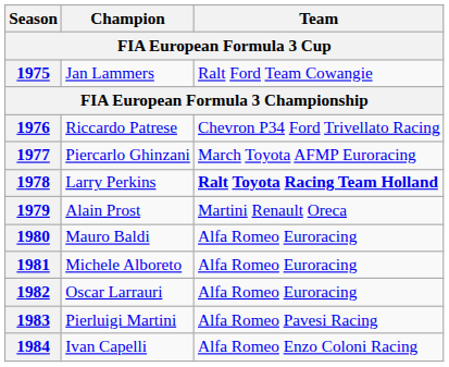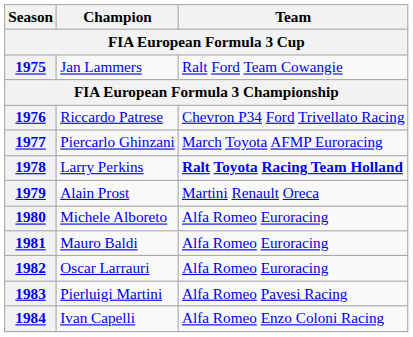 <table class="wikitable" style="font-size:85%;">
 <tr>
 <th>Season</th>
 <th>Champion</th>
 <th>Team</th>
 </tr>
 <tr>
 <th colspan=3>FIA European Formula 3 Cup</th>
 </tr>
 <tr>
 <th><a href='#'>1975</a></th>
 <td> <a href='#'>Jan Lammers</a></td>
 <td> <a href='#'>Ralt</a> <a href='#'>Ford</a> <a href='#'>Team Cowangie</a></td>
 </tr>
 <tr>
 <th colspan=3>FIA European Formula 3 Championship</th>
 </tr>
 <tr>
 <th><a href='#'>1976</a></th>
 <td> <a href='#'>Riccardo Patrese</a></td>
 <td> <a href='#'>Chevron P34</a> <a href='#'>Ford</a> <a href='#'>Trivellato Racing</a></td>
 </tr>
 <tr>
 <th><a href='#'>1977</a></th>
 <td> <a href='#'>Piercarlo Ghinzani</a></td>
 <td> <a href='#'>March</a> <a href='#'>Toyota</a> <a href='#'>AFMP Euroracing</a></td>
 </tr>
 <tr>
 <th><a href='#'>1978</a></th>
 <td> <a href='#'>Larry Perkins</a></td>
 <td><strong> <a href='#'>Ralt</a> <a href='#'>Toyota</a> <a href='#'>Racing Team Holland</a></strong></td>
 </tr>
 <tr>
 <th><a href='#'>1979</a></th>
 <td> <a href='#'>Alain Prost</a></td>
 <td> <a href='#'>Martini</a> <a href='#'>Renault</a> <a href='#'>Oreca</a></td>
 </tr>
 <tr>
 <th><a href='#'>1980</a></th>
-<td> <a href='#'>Mauro Baldi</a></td>
+<td> <a href='#'>Michele Alboreto</a></td>
 <td> <a href='#'>Alfa Romeo</a> <a href='#'>Euroracing</a></td>
 </tr>
 <tr>
 <th><a href='#'>1981</a></th>
-<td> <a href='#'>Michele Alboreto</a></td>
+<td> <a href='#'>Mauro Baldi</a></td>
 <td> <a href='#'>Alfa Romeo</a> <a href='#'>Euroracing</a></td>
 </tr>
 <tr>
 <th><a href='#'>1982</a></th>
 <td> <a href='#'>Oscar Larrauri</a></td>
 <td> <a href='#'>Alfa Romeo</a> <a href='#'>Euroracing</a></td>
 </tr>
 <tr>
 <th><a href='#'>1983</a></th>
 <td> <a href='#'>Pierluigi Martini</a></td>
 <td> <a href='#'>Alfa Romeo</a> <a href='#'>Pavesi Racing</a></td>
 </tr>
 <tr>
 <th><a href='#'>1984</a></th>
 <td> <a href='#'>Ivan Capelli</a></td>
 <td> <a href='#'>Alfa Romeo</a> <a href='#'>Enzo Coloni Racing</a></td>
 </tr>
 </table>
